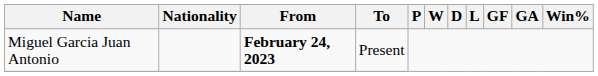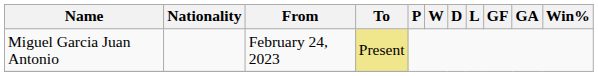 <table class="wikitable plainrowheaders sortable" style="text-align:center">
 <tr>
 <th>Name</th>
 <th>Nationality</th>
 <th>From</th>
 <th class="unsortable">To</th>
 <th>P</th>
 <th>W</th>
 <th>D</th>
 <th>L</th>
 <th>GF</th>
 <th>GA</th>
 <th>Win%</th>
 </tr>
 <tr>
 <td scope="row" style="text-align:left">Miguel Garcia Juan Antonio</td>
 <td align="left"></td>
-<td align="left"><strong>February 24, 2023</strong></td>
-<td align="left">Present<br></td>
+<td align="left">February 24, 2023</td>
+<td align="left" style="background: khaki;">Present<br></td>
 </tr>
 <tr>
 </tr>
 </table>
